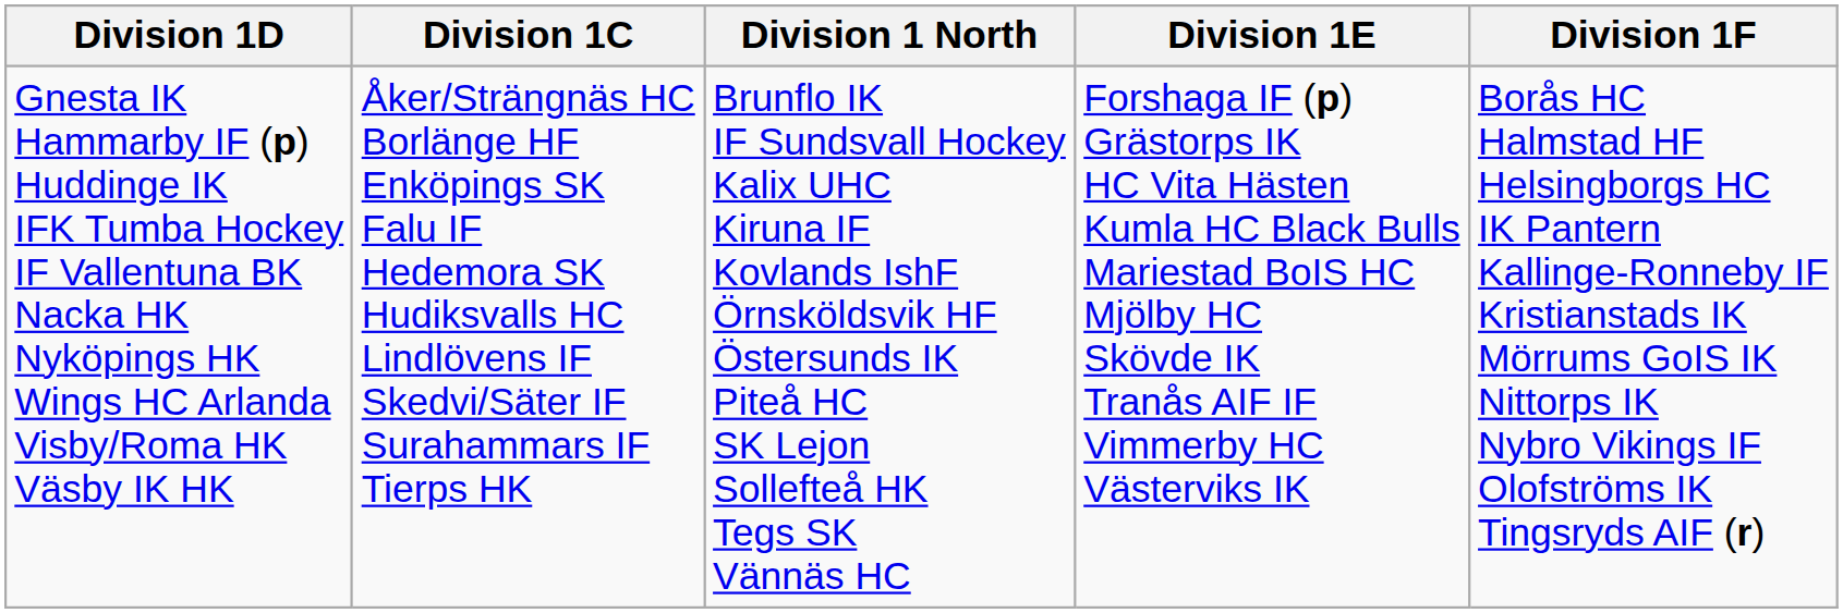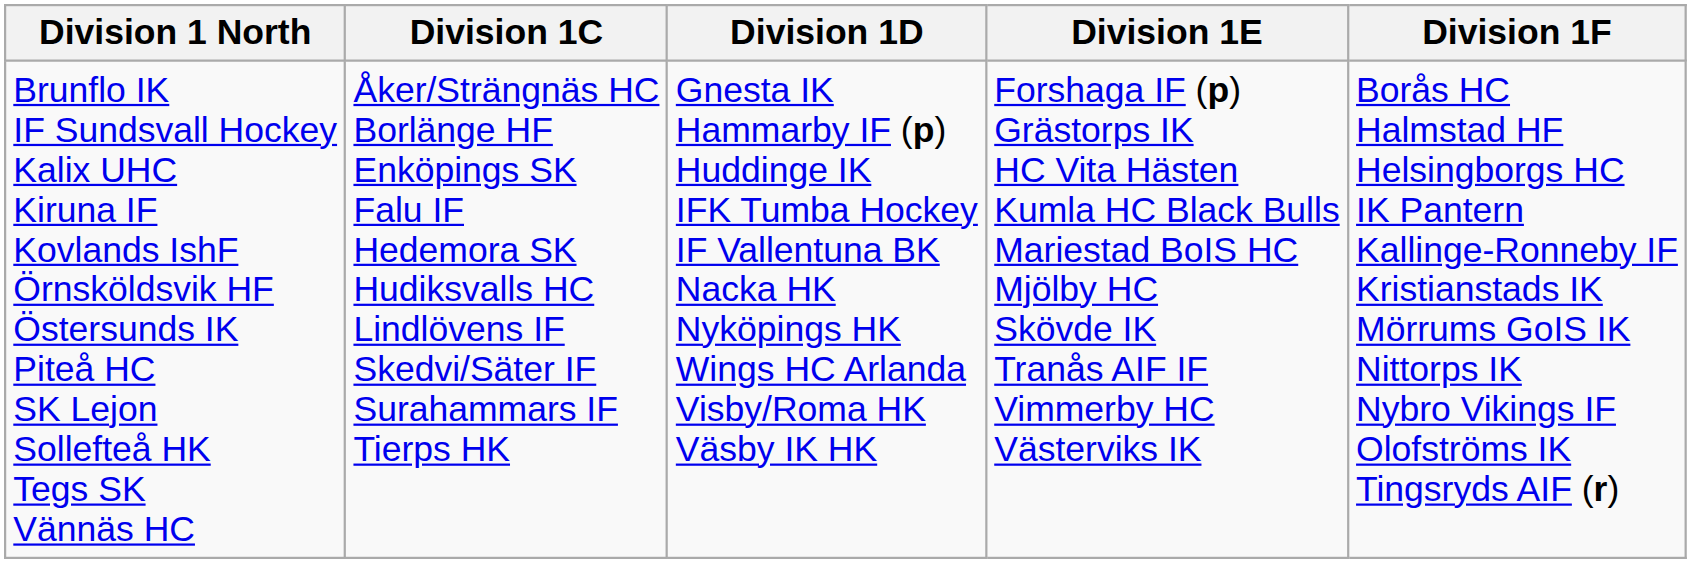 <table class="wikitable">
 <tr>
+<th>Division 1 North</th>
+<th>Division 1C</th>
 <th>Division 1D</th>
-<th>Division 1C</th>
-<th>Division 1 North</th>
 <th>Division 1E</th>
 <th>Division 1F</th>
 </tr>
 <tr>
+<td valign=top><a href='#'>Brunflo IK</a><br><a href='#'>IF Sundsvall Hockey</a><br><a href='#'>Kalix UHC</a><br><a href='#'>Kiruna IF</a><br><a href='#'>Kovlands IshF</a><br><a href='#'>Örnsköldsvik HF</a><br><a href='#'>Östersunds IK</a><br><a href='#'>Piteå HC</a><br><a href='#'>SK Lejon</a><br><a href='#'>Sollefteå HK</a><br><a href='#'>Tegs SK</a><br><a href='#'>Vännäs HC</a></td>
+<td valign=top><a href='#'>Åker/Strängnäs HC</a><br><a href='#'>Borlänge HF</a><br><a href='#'>Enköpings SK</a><br><a href='#'>Falu IF</a><br><a href='#'>Hedemora SK</a><br><a href='#'>Hudiksvalls HC</a><br><a href='#'>Lindlövens IF</a><br><a href='#'>Skedvi/Säter IF</a><br><a href='#'>Surahammars IF</a><br><a href='#'>Tierps HK</a></td>
 <td valign=top><a href='#'>Gnesta IK</a><br><a href='#'>Hammarby IF</a> (<strong>p</strong>)<br><a href='#'>Huddinge IK</a><br><a href='#'>IFK Tumba Hockey</a><br><a href='#'>IF Vallentuna BK</a><br><a href='#'>Nacka HK</a><br><a href='#'>Nyköpings HK</a><br><a href='#'>Wings HC Arlanda</a><br><a href='#'>Visby/Roma HK</a><br><a href='#'>Väsby IK HK</a></td>
-<td valign=top><a href='#'>Åker/Strängnäs HC</a><br><a href='#'>Borlänge HF</a><br><a href='#'>Enköpings SK</a><br><a href='#'>Falu IF</a><br><a href='#'>Hedemora SK</a><br><a href='#'>Hudiksvalls HC</a><br><a href='#'>Lindlövens IF</a><br><a href='#'>Skedvi/Säter IF</a><br><a href='#'>Surahammars IF</a><br><a href='#'>Tierps HK</a></td>
-<td valign=top><a href='#'>Brunflo IK</a><br><a href='#'>IF Sundsvall Hockey</a><br><a href='#'>Kalix UHC</a><br><a href='#'>Kiruna IF</a><br><a href='#'>Kovlands IshF</a><br><a href='#'>Örnsköldsvik HF</a><br><a href='#'>Östersunds IK</a><br><a href='#'>Piteå HC</a><br><a href='#'>SK Lejon</a><br><a href='#'>Sollefteå HK</a><br><a href='#'>Tegs SK</a><br><a href='#'>Vännäs HC</a></td>
 <td valign=top><a href='#'>Forshaga IF</a> (<strong>p</strong>)<br><a href='#'>Grästorps IK</a><br><a href='#'>HC Vita Hästen</a><br><a href='#'>Kumla HC Black Bulls</a><br><a href='#'>Mariestad BoIS HC</a><br><a href='#'>Mjölby HC</a><br><a href='#'>Skövde IK</a><br><a href='#'>Tranås AIF IF</a><br><a href='#'>Vimmerby HC</a><br><a href='#'>Västerviks IK</a></td>
 <td valign=top><a href='#'>Borås HC</a><br><a href='#'>Halmstad HF</a><br><a href='#'>Helsingborgs HC</a><br><a href='#'>IK Pantern</a><br><a href='#'>Kallinge-Ronneby IF</a><br><a href='#'>Kristianstads IK</a><br><a href='#'>Mörrums GoIS IK</a><br><a href='#'>Nittorps IK</a><br><a href='#'>Nybro Vikings IF</a><br><a href='#'>Olofströms IK</a><br><a href='#'>Tingsryds AIF</a> (<strong>r</strong>)</td>
 </tr>
 </table>
